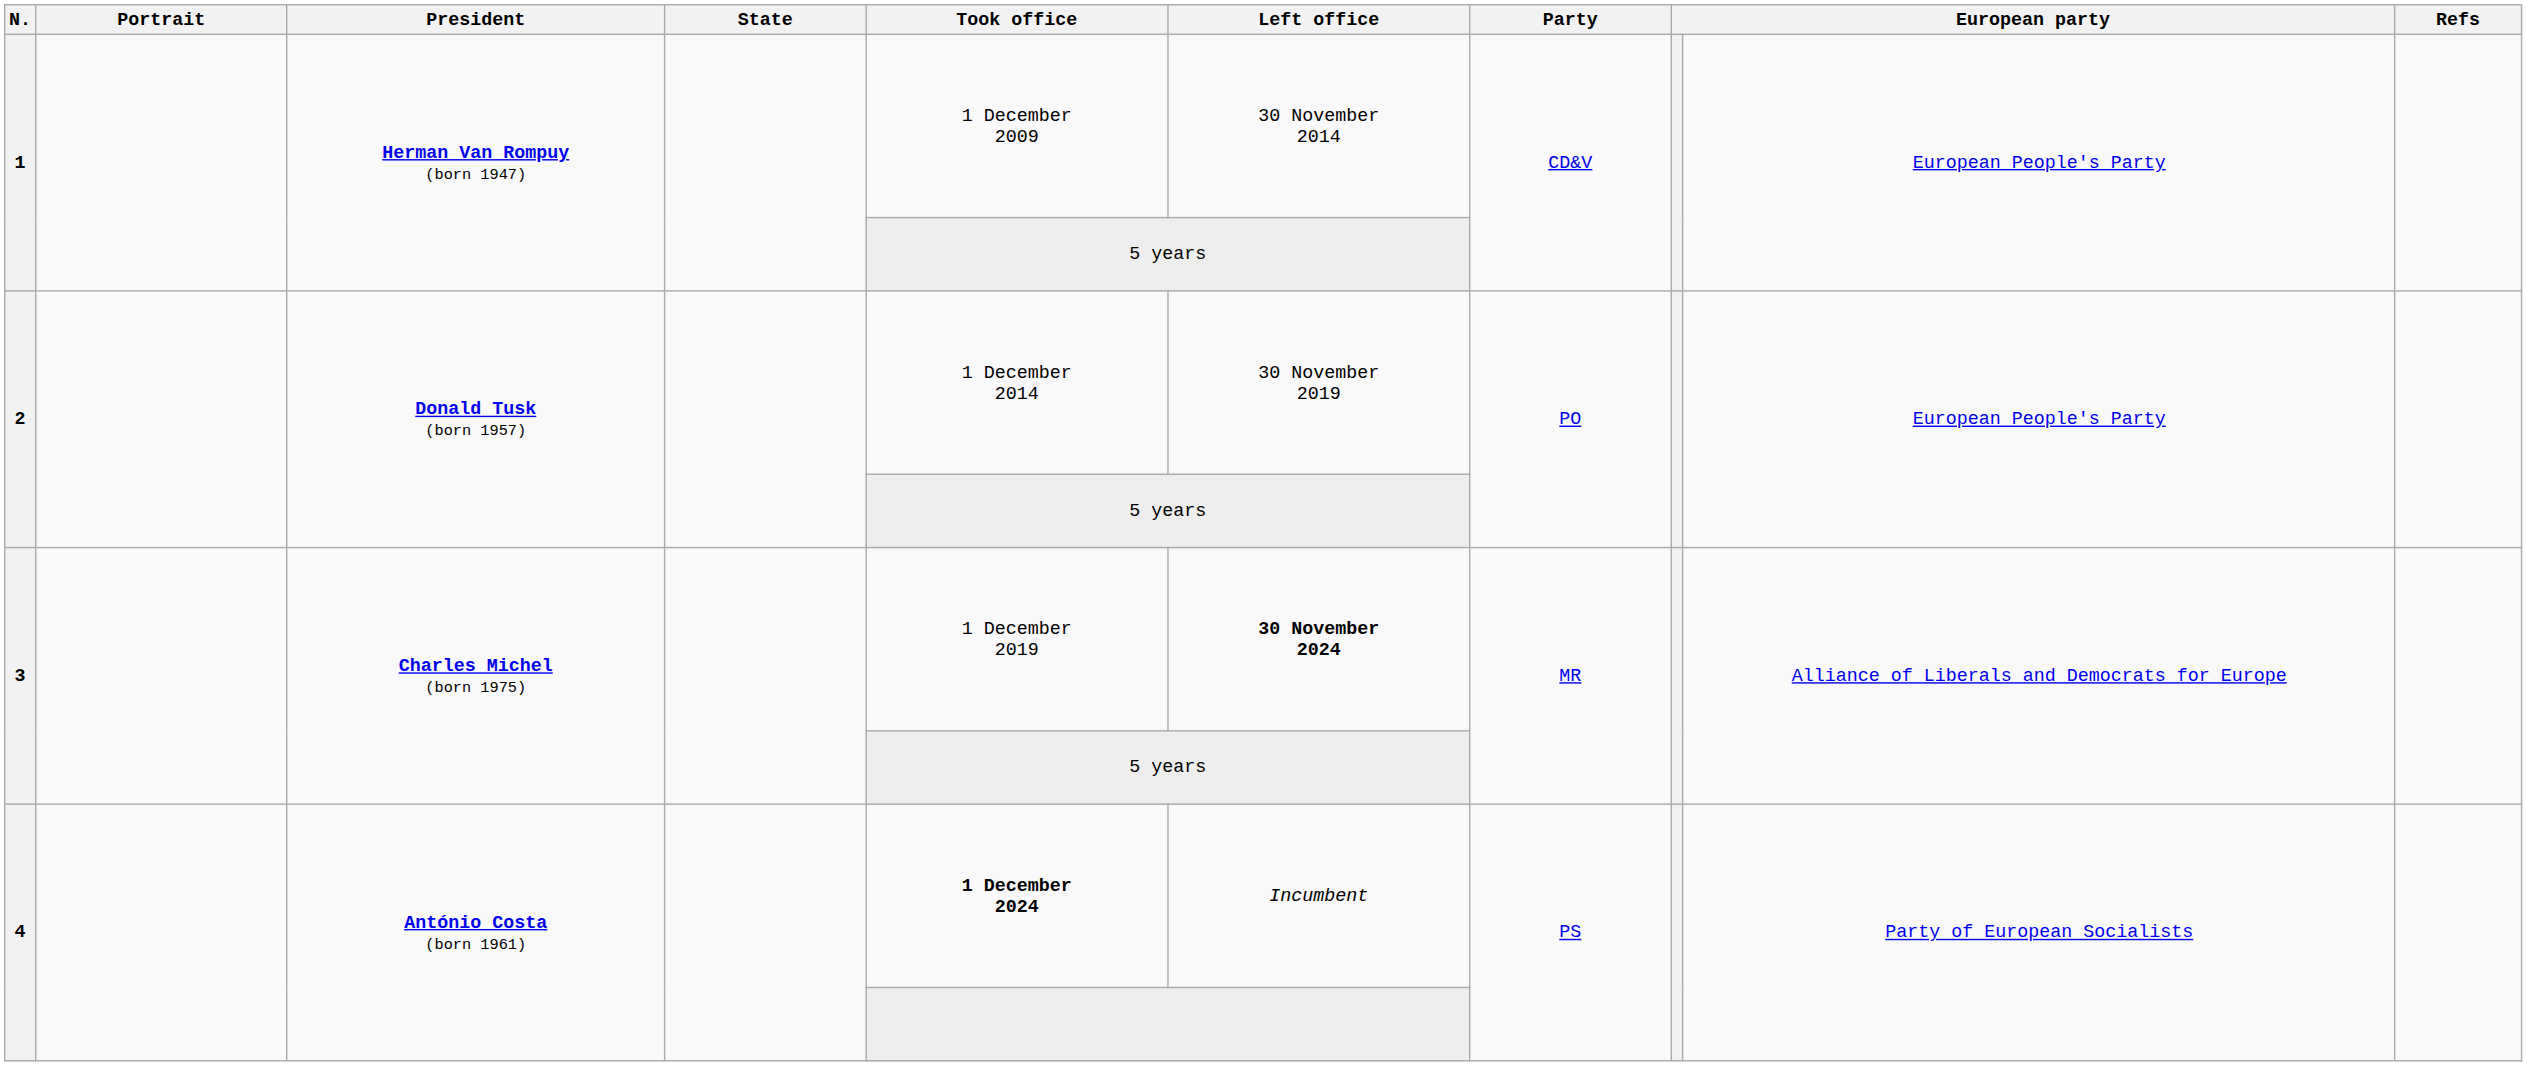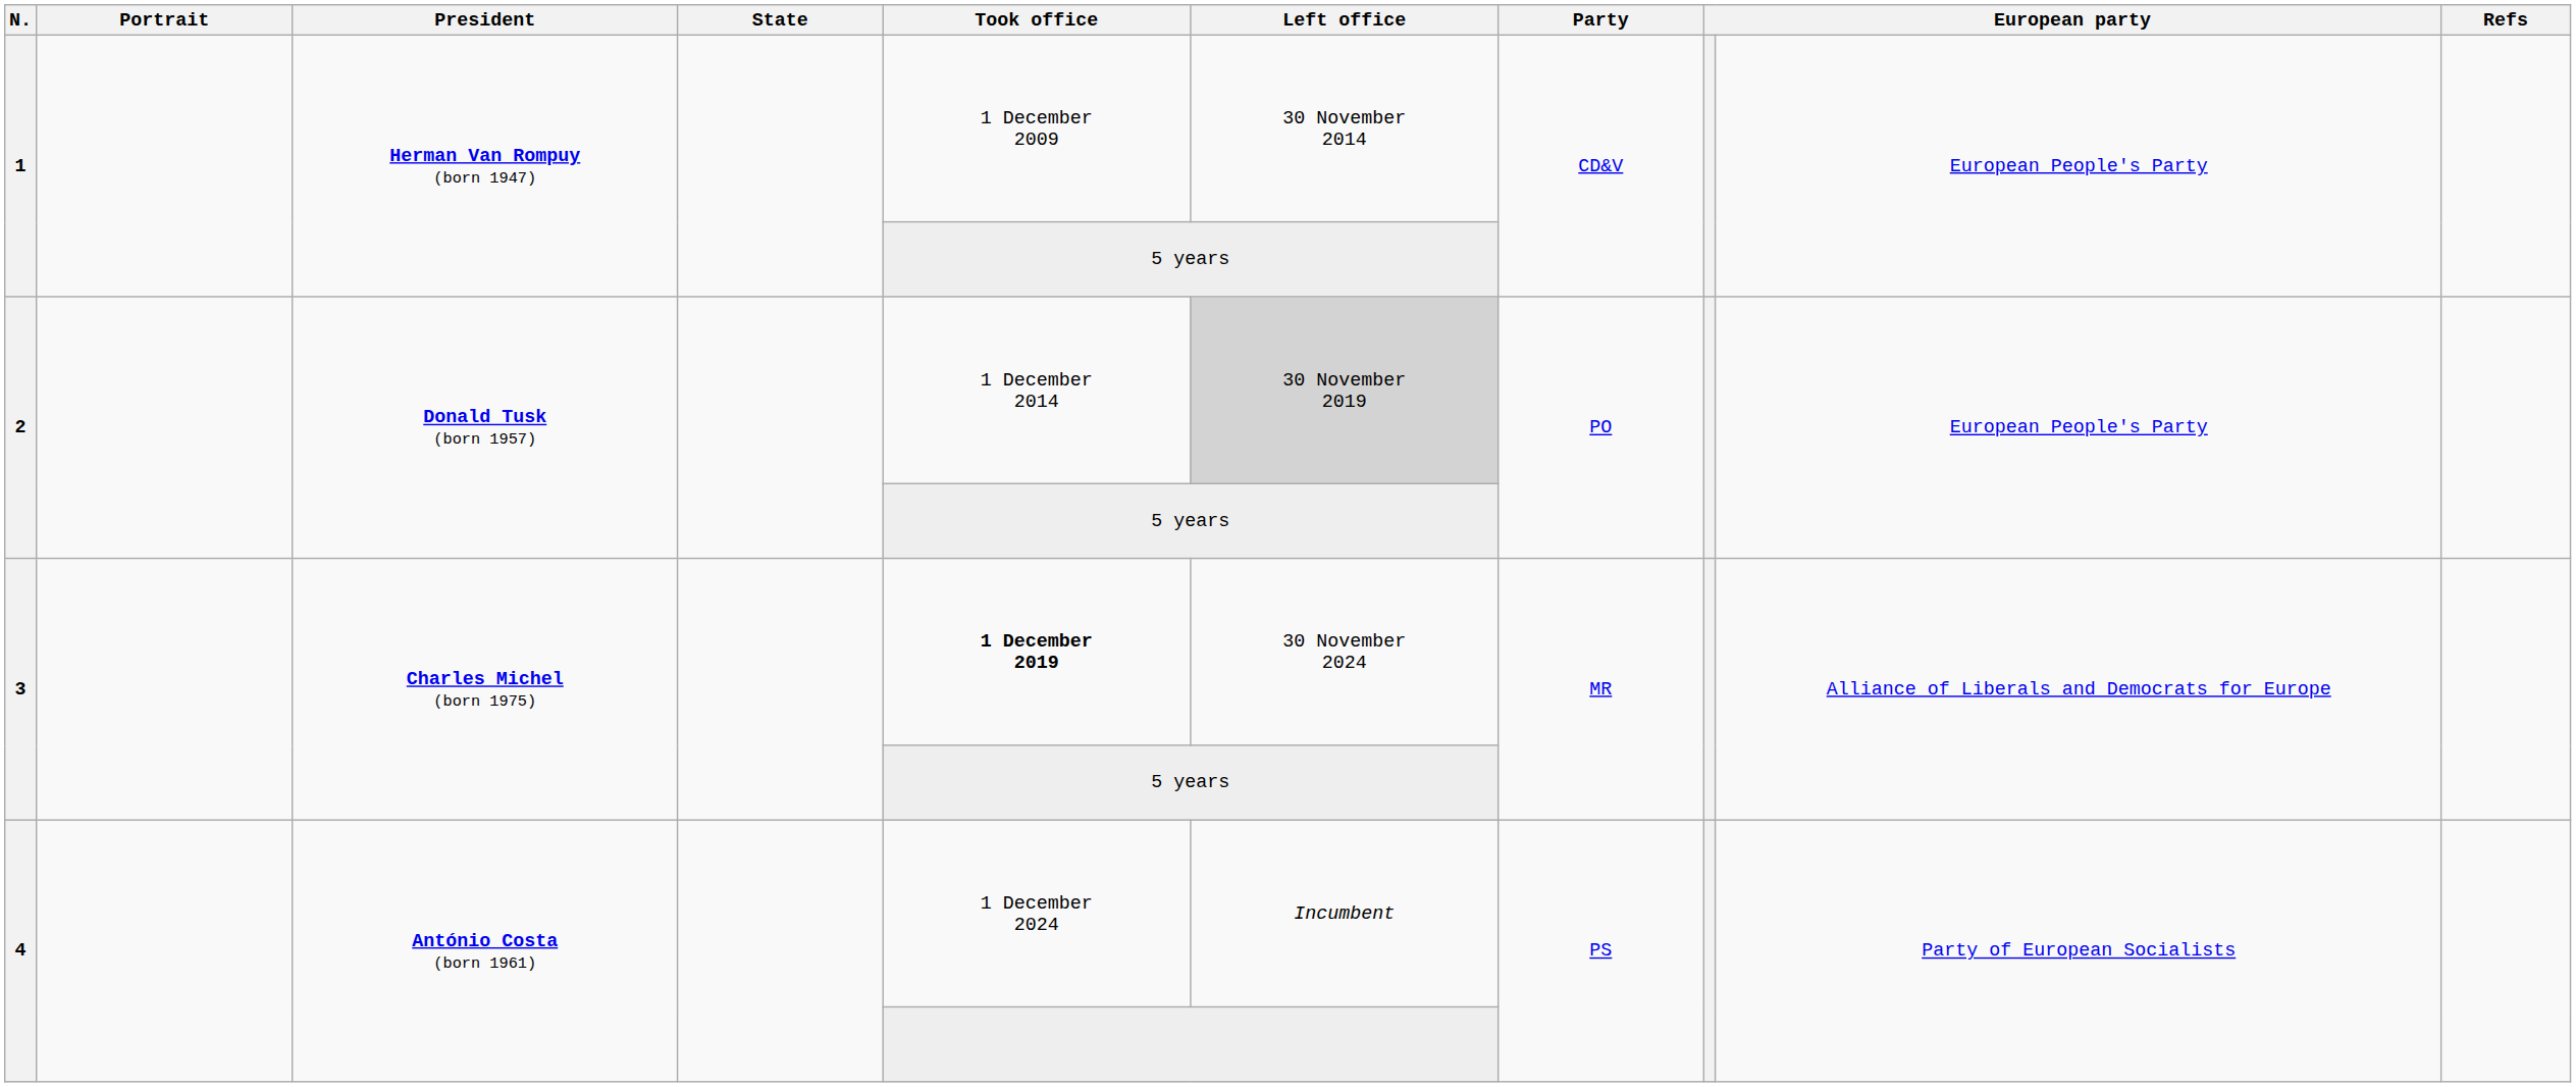 <table class="wikitable" style="text-align:center; style="width=90%">
 <tr>
 <th width=1%>N.</th>
 <th width=10%>Portrait</th>
 <th width=15%>President<br></th>
 <th width=8%>State</th>
 <th width=12%>Took office</th>
 <th width=12%>Left office</th>
 <th width=8%>Party</th>
 <th widht=15% colspan=2>European party</th>
 <th width=5%>Refs</th>
 </tr>
 <tr style="height:10em;">
 <th rowspan=2>1</th>
 <td rowspan=2></td>
 <td rowspan=2><strong><a href='#'>Herman Van Rompuy</a></strong><br><small>(born 1947)</small></td>
 <td rowspan=2></td>
 <td>1 December<br>2009</td>
 <td>30 November<br>2014</td>
 <td rowspan=2><a href='#'>CD&V</a></td>
 <th rowspan=2 style="background:"></th>
 <td rowspan=2><a href='#'>European People's Party</a></td>
 <td rowspan=2></td>
 </tr>
 <tr style="height:4em;">
 <td colspan=2 bgcolor=#EEEEEE>5 years</td>
 </tr>
 <tr style="height:10em;">
 <th rowspan=2>2</th>
 <td rowspan=2></td>
 <td rowspan=2><strong><a href='#'>Donald Tusk</a></strong><br><small>(born 1957)</small></td>
 <td rowspan=2></td>
 <td>1 December<br>2014</td>
-<td>30 November<br>2019</td>
+<td style="background: lightgrey;">30 November<br>2019</td>
 <td rowspan=2><a href='#'>PO</a></td>
 <th rowspan=2 style="background:"></th>
 <td rowspan=2><a href='#'>European People's Party</a></td>
 <td rowspan=2></td>
 </tr>
 <tr style="height:4em;">
 <td colspan=2 bgcolor=#EEEEEE>5 years</td>
 </tr>
 <tr style="height:10em;">
 <th rowspan=2>3</th>
 <td rowspan=2></td>
 <td rowspan=2><strong><a href='#'>Charles Michel</a></strong><br><small>(born 1975)</small></td>
 <td rowspan=2></td>
-<td>1 December<br>2019</td>
-<td><strong>30 November<br>2024</strong></td>
+<td><strong>1 December<br>2019</strong></td>
+<td>30 November<br>2024</td>
 <td rowspan=2><a href='#'>MR</a></td>
 <th rowspan=2 style="background:"></th>
 <td rowspan=2><a href='#'>Alliance of Liberals and Democrats for Europe</a></td>
 <td rowspan=2></td>
 </tr>
 <tr style="height:4em;">
 <td colspan=2 bgcolor=#EEEEEE>5 years</td>
 </tr>
 <tr style="height:10em;">
 <th rowspan=2>4</th>
 <td rowspan=2></td>
 <td rowspan=2><strong><a href='#'>António Costa</a></strong><br><small>(born 1961)</small></td>
 <td rowspan=2></td>
-<td><strong>1 December<br>2024</strong></td>
+<td>1 December<br>2024</td>
 <td><em>Incumbent</em></td>
 <td rowspan=2><a href='#'>PS</a></td>
 <th rowspan=2 style="background:"></th>
 <td rowspan=2><a href='#'>Party of European Socialists</a></td>
 <td rowspan=2></td>
 </tr>
 <tr style="height:4em;">
 <td colspan=2 bgcolor=#EEEEEE></td>
 </tr>
 </table>
